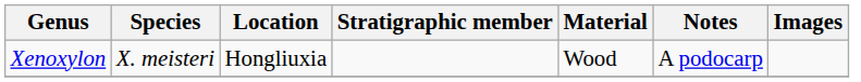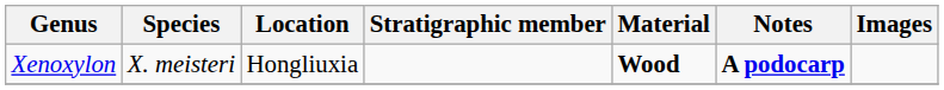 <table class="wikitable" align="center">
 <tr>
 <th>Genus</th>
 <th>Species</th>
 <th>Location</th>
 <th><strong>Stratigraphic member</strong></th>
 <th><strong>Material</strong></th>
 <th>Notes</th>
 <th>Images</th>
 </tr>
 <tr>
 <td><em><a href='#'>Xenoxylon</a></em></td>
 <td><em>X. meisteri</em></td>
 <td>Hongliuxia</td>
 <td></td>
-<td>Wood</td>
-<td>A <a href='#'>podocarp</a></td>
+<td><strong>Wood</strong></td>
+<td><strong>A <a href='#'>podocarp</a></strong></td>
 <td></td>
 </tr>
 <tr>
 </tr>
 </table>
